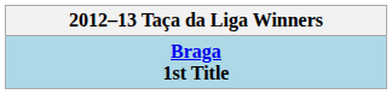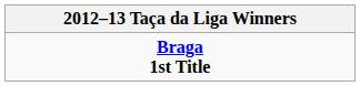 <table class="wikitable" style="text-align: center; margin: 0 auto; width: 20%">
 <tr>
 <th>2012–13 Taça da Liga Winners</th>
 </tr>
 <tr>
-<td style="background: lightblue;"><strong><a href='#'>Braga</a></strong><br><strong>1st Title</strong></td>
+<td><strong><a href='#'>Braga</a></strong><br><strong>1st Title</strong></td>
 </tr>
 </table>
